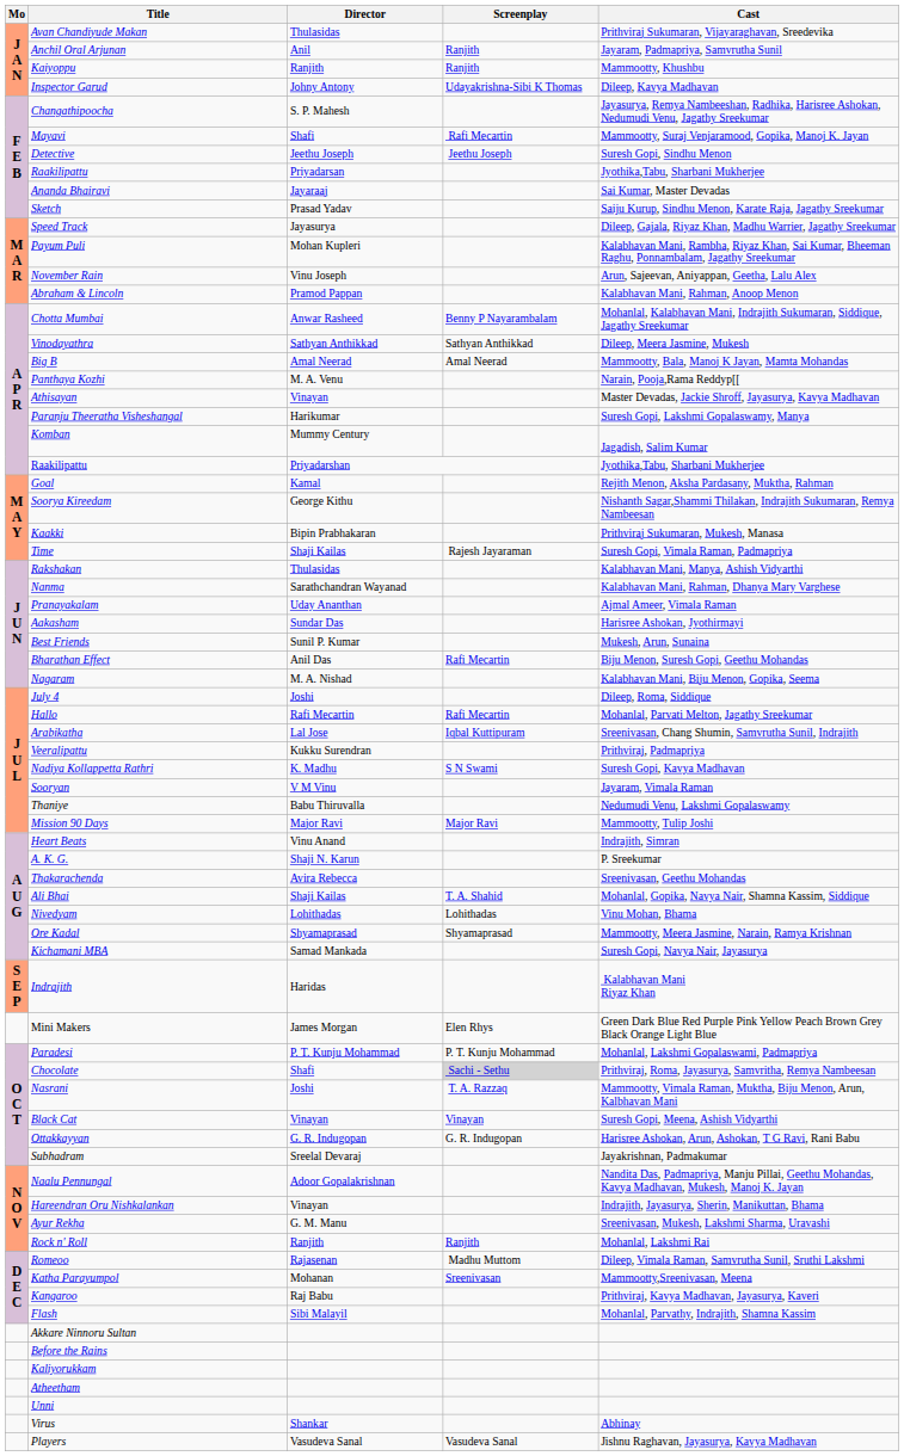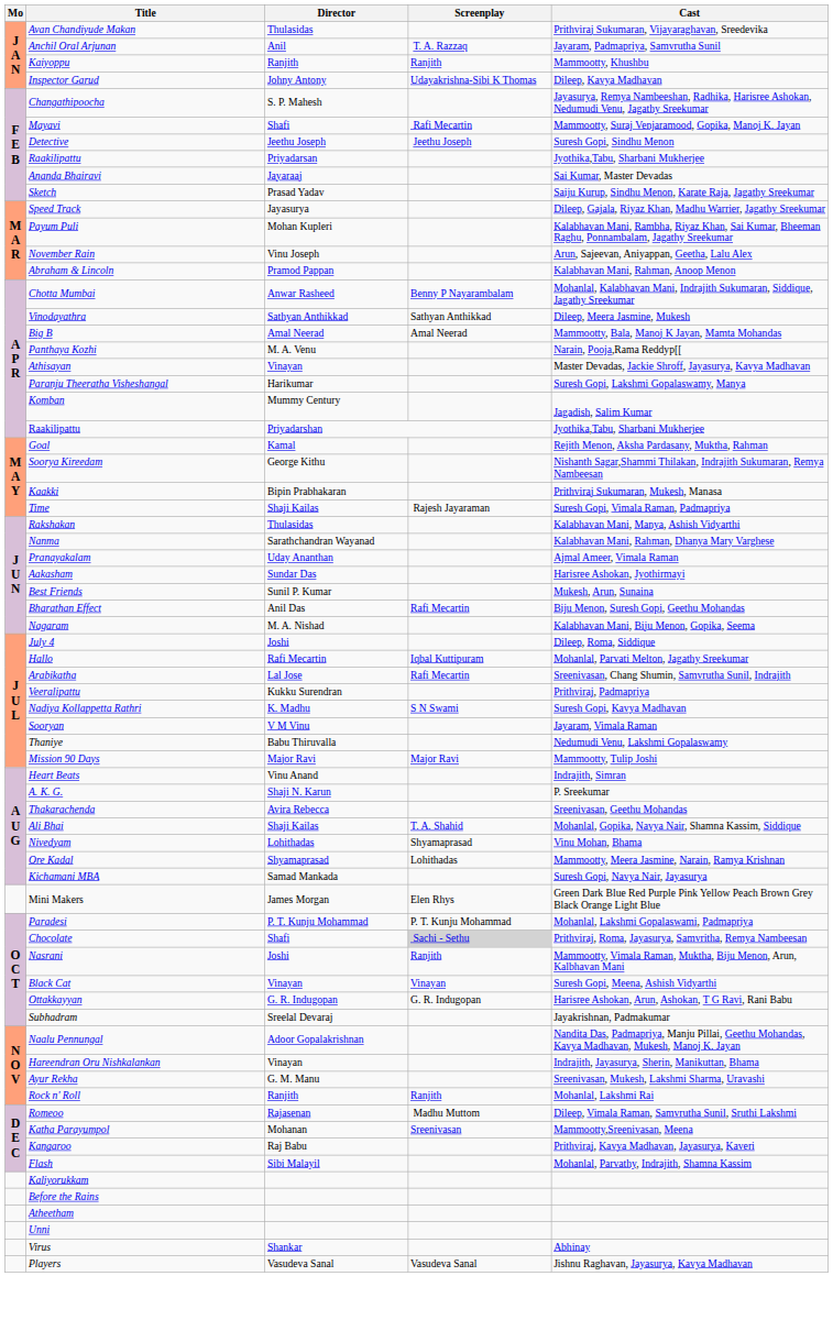 <table class="wikitable" style="align:left;">
 <tr>
 <th width="1%">Mo</th>
 <th width="25%">Title</th>
 <th width="15%">Director</th>
 <th width="15%">Screenplay</th>
 <th width="29%">Cast</th>
 </tr>
 <tr January!>
 <td rowspan="4" valign="center" align="center" style="background:#FFA07A; textcolor:#000;"><big> <strong>J<br>A<br>N</strong></big></td>
 <td><em><a href='#'>Avan Chandiyude Makan</a></em></td>
 <td><a href='#'>Thulasidas</a></td>
 <td> </td>
 <td><a href='#'>Prithviraj Sukumaran</a>, <a href='#'>Vijayaraghavan</a>, Sreedevika</td>
 </tr>
 <tr valign="top">
 <td><em><a href='#'>Anchil Oral Arjunan</a></em></td>
 <td><a href='#'>Anil</a></td>
-<td><a href='#'>Ranjith</a></td>
+<td> <a href='#'>T. A. Razzaq</a></td>
 <td><a href='#'>Jayaram</a>, <a href='#'>Padmapriya</a>, <a href='#'>Samvrutha Sunil</a></td>
 </tr>
 <tr valign="top">
 <td><em><a href='#'>Kaiyoppu</a></em></td>
 <td><a href='#'>Ranjith</a></td>
 <td><a href='#'>Ranjith</a></td>
 <td><a href='#'>Mammootty</a>, <a href='#'>Khushbu</a></td>
 </tr>
 <tr valign="top">
 <td><em><a href='#'>Inspector Garud</a></em></td>
 <td><a href='#'>Johny Antony</a></td>
 <td><a href='#'>Udayakrishna-Sibi K Thomas</a></td>
 <td><a href='#'>Dileep</a>, <a href='#'>Kavya Madhavan</a></td>
 </tr>
 <tr February!>
 <td rowspan="6" valign="center" align="center" style="background:#D8BFD8; textcolor:#000;"><big> <strong>F<br>E<br>B</strong></big></td>
 <td><em><a href='#'>Changathipoocha</a></em></td>
 <td>S. P. Mahesh</td>
 <td> </td>
 <td><a href='#'>Jayasurya</a>, <a href='#'>Remya Nambeeshan</a>, <a href='#'>Radhika</a>, <a href='#'>Harisree Ashokan</a>, <a href='#'>Nedumudi Venu</a>, <a href='#'>Jagathy Sreekumar</a></td>
 </tr>
 <tr valign="top">
 <td><em><a href='#'>Mayavi</a></em></td>
 <td><a href='#'>Shafi</a></td>
 <td><a href='#'> Rafi Mecartin</a></td>
 <td><a href='#'>Mammootty</a>, <a href='#'>Suraj Venjaramood</a>, <a href='#'>Gopika</a>, <a href='#'>Manoj K. Jayan</a></td>
 </tr>
 <tr valign="top">
 <td><em><a href='#'>Detective</a></em></td>
 <td><a href='#'>Jeethu Joseph</a></td>
 <td> <a href='#'>Jeethu Joseph</a></td>
 <td><a href='#'>Suresh Gopi</a>, <a href='#'>Sindhu Menon</a></td>
 </tr>
 <tr valign="top">
 <td><em><a href='#'>Raakilipattu</a></em></td>
 <td><a href='#'>Priyadarsan</a></td>
 <td> </td>
 <td><a href='#'>Jyothika</a>,<a href='#'>Tabu</a>, <a href='#'>Sharbani Mukherjee</a></td>
 </tr>
 <tr valign="top">
 <td><em><a href='#'>Ananda Bhairavi</a></em></td>
 <td><a href='#'>Jayaraaj</a></td>
 <td> </td>
 <td><a href='#'>Sai Kumar</a>, Master Devadas</td>
 </tr>
 <tr valign="top">
 <td><em><a href='#'>Sketch</a></em></td>
 <td>Prasad Yadav</td>
 <td> </td>
 <td><a href='#'>Saiju Kurup</a>, <a href='#'>Sindhu Menon</a>, <a href='#'>Karate Raja</a>, <a href='#'>Jagathy Sreekumar</a></td>
 </tr>
 <tr March!>
 <td rowspan="4" valign="center" align="center" style="background:#FFA07A; textcolor:#000;"><big> <strong>M<br>A<br>R</strong></big></td>
 <td><em><a href='#'>Speed Track</a></em></td>
 <td>Jayasurya</td>
 <td> </td>
 <td><a href='#'>Dileep</a>, <a href='#'>Gajala</a>, <a href='#'>Riyaz Khan</a>, <a href='#'>Madhu Warrier</a>, <a href='#'>Jagathy Sreekumar</a></td>
 </tr>
 <tr valign="top">
 <td><em><a href='#'>Payum Puli</a></em></td>
 <td>Mohan Kupleri</td>
 <td> </td>
 <td><a href='#'>Kalabhavan Mani</a>, <a href='#'>Rambha</a>, <a href='#'>Riyaz Khan</a>, <a href='#'>Sai Kumar</a>, <a href='#'>Bheeman Raghu</a>, <a href='#'>Ponnambalam</a>, <a href='#'>Jagathy Sreekumar</a></td>
 </tr>
 <tr valign="top">
 <td><em><a href='#'>November Rain</a></em></td>
 <td>Vinu Joseph</td>
 <td> </td>
 <td><a href='#'>Arun</a>, Sajeevan, Aniyappan, <a href='#'>Geetha</a>, <a href='#'>Lalu Alex</a></td>
 </tr>
 <tr valign="top">
 <td><em><a href='#'>Abraham & Lincoln</a></em></td>
 <td><a href='#'>Pramod Pappan</a></td>
 <td> </td>
 <td><a href='#'>Kalabhavan Mani</a>, <a href='#'>Rahman</a>, <a href='#'>Anoop Menon</a></td>
 </tr>
 <tr April!>
 <td rowspan="8" valign="center" align="center" style="background:#D8BFD8; textcolor:#000;"><big> <strong>A<br>P<br>R</strong></big></td>
 <td><em><a href='#'>Chotta Mumbai</a></em></td>
 <td><a href='#'>Anwar Rasheed</a></td>
 <td><a href='#'>Benny P Nayarambalam</a></td>
 <td><a href='#'>Mohanlal</a>, <a href='#'>Kalabhavan Mani</a>, <a href='#'>Indrajith Sukumaran</a>, <a href='#'>Siddique</a>, <a href='#'>Jagathy Sreekumar</a></td>
 </tr>
 <tr valign="top">
 <td><em><a href='#'>Vinodayathra</a></em></td>
 <td><a href='#'>Sathyan Anthikkad</a></td>
 <td>Sathyan Anthikkad</td>
 <td><a href='#'>Dileep</a>, <a href='#'>Meera Jasmine</a>, <a href='#'>Mukesh</a></td>
 </tr>
 <tr valign="top">
 <td><em><a href='#'>Big B</a></em></td>
 <td><a href='#'>Amal Neerad</a></td>
 <td>Amal Neerad</td>
 <td><a href='#'>Mammootty</a>, <a href='#'>Bala</a>, <a href='#'>Manoj K Jayan</a>, <a href='#'>Mamta Mohandas</a></td>
 </tr>
 <tr valign="top">
 <td><em><a href='#'>Panthaya Kozhi</a></em></td>
 <td>M. A. Venu</td>
 <td> </td>
 <td><a href='#'>Narain</a>, <a href='#'>Pooja</a>,Rama Reddyp[[</td>
 </tr>
 <tr valign="top">
 <td><em><a href='#'>Athisayan</a></em></td>
 <td><a href='#'>Vinayan</a></td>
 <td> </td>
 <td>Master Devadas, <a href='#'>Jackie Shroff</a>, <a href='#'>Jayasurya</a>, <a href='#'>Kavya Madhavan</a></td>
 </tr>
 <tr valign="top">
 <td><em><a href='#'>Paranju Theeratha Visheshangal</a></em></td>
 <td>Harikumar</td>
 <td> </td>
 <td><a href='#'>Suresh Gopi</a>, <a href='#'>Lakshmi Gopalaswamy</a>, <a href='#'>Manya</a></td>
 </tr>
 <tr valign="top">
 <td><em><a href='#'>Komban</a></em></td>
 <td>Mummy Century</td>
 <td></td>
 <td><br><a href='#'>Jagadish</a>, <a href='#'>Salim Kumar</a></td>
 </tr>
 <tr>
 <td><a href='#'>Raakilipattu</a></td>
 <td colspan="2"><a href='#'>Priyadarshan</a></td>
 <td><a href='#'>Jyothika</a>,<a href='#'>Tabu</a>, <a href='#'>Sharbani Mukherjee</a></td>
 </tr>
 <tr May!>
 <td rowspan="4" valign="center" align="center" style="background:#FFA07A; textcolor:#000;"><big> <strong>M<br>A<br>Y</strong></big></td>
 <td><em><a href='#'>Goal</a></em></td>
 <td><a href='#'>Kamal</a></td>
 <td> </td>
 <td><a href='#'>Rejith Menon</a>, <a href='#'>Aksha Pardasany</a>, <a href='#'>Muktha</a>, <a href='#'>Rahman</a></td>
 </tr>
 <tr valign="top">
 <td><em><a href='#'>Soorya Kireedam</a></em></td>
 <td>George Kithu</td>
 <td> </td>
 <td><a href='#'>Nishanth Sagar</a>,<a href='#'>Shammi Thilakan</a>, <a href='#'>Indrajith Sukumaran</a>, <a href='#'>Remya Nambeesan</a></td>
 </tr>
 <tr valign="top">
 <td><em><a href='#'>Kaakki</a></em></td>
 <td>Bipin Prabhakaran</td>
 <td> </td>
 <td><a href='#'>Prithviraj Sukumaran</a>, <a href='#'>Mukesh</a>, Manasa</td>
 </tr>
 <tr valign="top">
 <td><em><a href='#'>Time</a></em></td>
 <td><a href='#'>Shaji Kailas</a></td>
 <td> Rajesh Jayaraman</td>
 <td><a href='#'>Suresh Gopi</a>, <a href='#'>Vimala Raman</a>, <a href='#'>Padmapriya</a></td>
 </tr>
 <tr June!>
 <td rowspan="7" valign="center" align="center" style="background:#D8BFD8; textcolor:#000;"><big> <strong>J<br>U<br>N</strong></big></td>
 <td><em><a href='#'>Rakshakan</a></em></td>
 <td><a href='#'>Thulasidas</a></td>
 <td> </td>
 <td><a href='#'>Kalabhavan Mani</a>, <a href='#'>Manya</a>, <a href='#'>Ashish Vidyarthi</a></td>
 </tr>
 <tr valign="top">
 <td><em><a href='#'>Nanma</a></em></td>
 <td>Sarathchandran Wayanad</td>
 <td> </td>
 <td><a href='#'>Kalabhavan Mani</a>, <a href='#'>Rahman</a>, <a href='#'>Dhanya Mary Varghese</a></td>
 </tr>
 <tr valign="top">
 <td><em><a href='#'>Pranayakalam</a></em></td>
 <td><a href='#'>Uday Ananthan</a></td>
 <td> </td>
 <td><a href='#'>Ajmal Ameer</a>, <a href='#'>Vimala Raman</a></td>
 </tr>
 <tr valign="top">
 <td><em><a href='#'>Aakasham</a></em></td>
 <td><a href='#'>Sundar Das</a></td>
 <td> </td>
 <td><a href='#'>Harisree Ashokan</a>, <a href='#'>Jyothirmayi</a></td>
 </tr>
 <tr valign="top">
 <td><em><a href='#'>Best Friends</a></em></td>
 <td>Sunil P. Kumar</td>
 <td> </td>
 <td><a href='#'>Mukesh</a>, <a href='#'>Arun</a>, <a href='#'>Sunaina</a></td>
 </tr>
 <tr valign="top">
 <td><em><a href='#'>Bharathan Effect</a></em></td>
 <td>Anil Das</td>
 <td><a href='#'>Rafi Mecartin</a></td>
 <td><a href='#'>Biju Menon</a>, <a href='#'>Suresh Gopi</a>, <a href='#'>Geethu Mohandas</a></td>
 </tr>
 <tr valign="top">
 <td><em><a href='#'>Nagaram</a></em></td>
 <td>M. A. Nishad</td>
 <td> </td>
 <td><a href='#'>Kalabhavan Mani</a>, <a href='#'>Biju Menon</a>, <a href='#'>Gopika</a>, <a href='#'>Seema</a></td>
 </tr>
 <tr July!>
 <td rowspan="8" valign="center" align="center" style="background:#FFA07A; textcolor:#000;"><big> <strong>J<br>U<br>L</strong></big></td>
 <td><em><a href='#'>July 4</a></em></td>
 <td><a href='#'>Joshi</a></td>
 <td> </td>
 <td><a href='#'>Dileep</a>, <a href='#'>Roma</a>, <a href='#'>Siddique</a></td>
 </tr>
 <tr valign="top">
 <td><em><a href='#'>Hallo</a></em></td>
 <td><a href='#'>Rafi Mecartin</a></td>
-<td><a href='#'>Rafi Mecartin</a></td>
+<td><a href='#'>Iqbal Kuttipuram</a></td>
 <td><a href='#'>Mohanlal</a>, <a href='#'>Parvati Melton</a>, <a href='#'>Jagathy Sreekumar</a></td>
 </tr>
 <tr valign="top">
 <td><em><a href='#'>Arabikatha</a></em></td>
 <td><a href='#'>Lal Jose</a></td>
-<td><a href='#'>Iqbal Kuttipuram</a></td>
+<td><a href='#'>Rafi Mecartin</a></td>
 <td><a href='#'>Sreenivasan</a>, Chang Shumin, <a href='#'>Samvrutha Sunil</a>, <a href='#'>Indrajith</a></td>
 </tr>
 <tr valign="top">
 <td><em><a href='#'>Veeralipattu</a></em></td>
 <td>Kukku Surendran</td>
 <td> </td>
 <td><a href='#'>Prithviraj</a>, <a href='#'>Padmapriya</a></td>
 </tr>
 <tr valign="top">
 <td><em><a href='#'>Nadiya Kollappetta Rathri</a></em></td>
 <td><a href='#'>K. Madhu</a></td>
 <td><a href='#'>S N Swami</a></td>
 <td><a href='#'>Suresh Gopi</a>, <a href='#'>Kavya Madhavan</a></td>
 </tr>
 <tr valign="top">
 <td><em><a href='#'>Sooryan</a></em></td>
 <td><a href='#'>V M Vinu</a></td>
 <td> </td>
 <td><a href='#'>Jayaram</a>, <a href='#'>Vimala Raman</a></td>
 </tr>
 <tr valign="top">
 <td><em>Thaniye</em></td>
 <td>Babu Thiruvalla</td>
 <td> </td>
 <td><a href='#'>Nedumudi Venu</a>, <a href='#'>Lakshmi Gopalaswamy</a></td>
 </tr>
 <tr valign="top">
 <td><em><a href='#'>Mission 90 Days</a></em></td>
 <td><a href='#'>Major Ravi</a></td>
 <td><a href='#'>Major Ravi</a></td>
 <td><a href='#'>Mammootty</a>, <a href='#'>Tulip Joshi</a></td>
 </tr>
 <tr August!>
 <td rowspan="7" valign="center" align="center" style="background:#D8BFD8; textcolor:#000;"><big> <strong>A<br>U<br>G</strong></big></td>
 <td><em><a href='#'>Heart Beats</a></em></td>
 <td>Vinu Anand</td>
 <td> </td>
 <td><a href='#'>Indrajith</a>, <a href='#'>Simran</a></td>
 </tr>
 <tr valign="top">
 <td><em><a href='#'>A. K. G.</a></em></td>
 <td><a href='#'>Shaji N. Karun</a></td>
 <td> </td>
 <td>P. Sreekumar</td>
 </tr>
 <tr valign="top">
 <td><em><a href='#'>Thakarachenda</a></em></td>
 <td><a href='#'>Avira Rebecca</a></td>
 <td> </td>
 <td><a href='#'>Sreenivasan</a>, <a href='#'>Geethu Mohandas</a></td>
 </tr>
 <tr valign="top">
 <td><em><a href='#'>Ali Bhai</a></em></td>
 <td><a href='#'>Shaji Kailas</a></td>
 <td><a href='#'>T. A. Shahid</a></td>
 <td><a href='#'>Mohanlal</a>, <a href='#'>Gopika</a>, <a href='#'>Navya Nair</a>, Shamna Kassim, <a href='#'>Siddique</a></td>
 </tr>
 <tr valign="top">
 <td><em><a href='#'>Nivedyam</a></em></td>
 <td><a href='#'>Lohithadas</a></td>
-<td>Lohithadas</td>
+<td>Shyamaprasad</td>
 <td><a href='#'>Vinu Mohan</a>, <a href='#'>Bhama</a></td>
 </tr>
 <tr valign="top">
 <td><em><a href='#'>Ore Kadal</a></em></td>
 <td><a href='#'>Shyamaprasad</a></td>
-<td>Shyamaprasad</td>
+<td>Lohithadas</td>
 <td><a href='#'>Mammootty</a>, <a href='#'>Meera Jasmine</a>, <a href='#'>Narain</a>, <a href='#'>Ramya Krishnan</a></td>
 </tr>
 <tr valign="top">
 <td><em><a href='#'>Kichamani MBA</a></em></td>
 <td>Samad Mankada</td>
 <td> </td>
 <td><a href='#'>Suresh Gopi</a>, <a href='#'>Navya Nair</a>, <a href='#'>Jayasurya</a></td>
-</tr>
-<tr September!>
-<td rowspan="1" valign="center" align="center" style="background:#FFA07A; textcolor:#000;"><big> <strong>S<br>E<br>P</strong></big></td>
-<td><em><a href='#'>Indrajith</a></em></td>
-<td>Haridas</td>
-<td> </td>
-<td><a href='#'> Kalabhavan Mani</a><br><a href='#'>Riyaz Khan</a></td>
 </tr>
 <tr>
 <td></td>
 <td>Mini Makers</td>
 <td>James Morgan</td>
 <td>Elen Rhys</td>
 <td>Green Dark Blue Red Purple Pink Yellow Peach Brown Grey Black Orange Light Blue</td>
 </tr>
 <tr October!>
 <td rowspan="6" valign="center" align="center" style="background:#D8BFD8; textcolor:#000;"><big> <strong>O<br>C<br>T</strong></big></td>
 <td><em><a href='#'>Paradesi</a></em></td>
 <td><a href='#'>P. T. Kunju Mohammad</a></td>
 <td>P. T. Kunju Mohammad</td>
 <td><a href='#'>Mohanlal</a>, <a href='#'>Lakshmi Gopalaswami</a>, <a href='#'>Padmapriya</a></td>
 </tr>
 <tr valign="top">
 <td><em><a href='#'>Chocolate</a></em></td>
 <td><a href='#'>Shafi</a></td>
 <td style="background: lightgrey;"><a href='#'> Sachi - Sethu</a></td>
 <td><a href='#'>Prithviraj</a>, <a href='#'>Roma</a>, <a href='#'>Jayasurya</a>, <a href='#'>Samvritha</a>, <a href='#'>Remya Nambeesan</a></td>
 </tr>
 <tr valign="top">
 <td><em><a href='#'>Nasrani</a></em></td>
 <td><a href='#'>Joshi</a></td>
-<td> <a href='#'>T. A. Razzaq</a></td>
+<td><a href='#'>Ranjith</a></td>
 <td><a href='#'>Mammootty</a>, <a href='#'>Vimala Raman</a>, <a href='#'>Muktha</a>, <a href='#'>Biju Menon</a>, Arun, <a href='#'>Kalbhavan Mani</a></td>
 </tr>
 <tr valign="top">
 <td><em><a href='#'>Black Cat</a></em></td>
 <td><a href='#'>Vinayan</a></td>
 <td><a href='#'>Vinayan</a></td>
 <td><a href='#'>Suresh Gopi</a>, <a href='#'>Meena</a>, <a href='#'>Ashish Vidyarthi</a></td>
 </tr>
 <tr valign="top">
 <td><em><a href='#'>Ottakkayyan</a></em></td>
 <td><a href='#'>G. R. Indugopan</a></td>
 <td>G. R. Indugopan</td>
 <td><a href='#'>Harisree Ashokan</a>, <a href='#'>Arun</a>, <a href='#'>Ashokan</a>, <a href='#'>T G Ravi</a>, Rani Babu</td>
 </tr>
 <tr valign="top">
 <td><em>Subhadram</em></td>
 <td>Sreelal Devaraj</td>
 <td> </td>
 <td>Jayakrishnan, Padmakumar</td>
 </tr>
 <tr November!>
 <td rowspan="4" valign="center" align="center" style="background:#FFA07A; textcolor:#000;"><big> <strong>N<br>O<br>V</strong></big></td>
 <td><em><a href='#'>Naalu Pennungal</a></em></td>
 <td><a href='#'>Adoor Gopalakrishnan</a></td>
 <td> </td>
 <td><a href='#'>Nandita Das</a>, <a href='#'>Padmapriya</a>, Manju Pillai, <a href='#'>Geethu Mohandas</a>, <a href='#'>Kavya Madhavan</a>, <a href='#'>Mukesh</a>, <a href='#'>Manoj K. Jayan</a></td>
 </tr>
 <tr valign="top">
 <td><em><a href='#'>Hareendran Oru Nishkalankan</a></em></td>
 <td>Vinayan</td>
 <td> </td>
 <td><a href='#'>Indrajith</a>, <a href='#'>Jayasurya</a>, <a href='#'>Sherin</a>, <a href='#'>Manikuttan</a>, <a href='#'>Bhama</a></td>
 </tr>
 <tr valign="top">
 <td><em><a href='#'>Ayur Rekha</a></em></td>
 <td>G. M. Manu</td>
 <td> </td>
 <td><a href='#'>Sreenivasan</a>, <a href='#'>Mukesh</a>, <a href='#'>Lakshmi Sharma</a>, <a href='#'>Uravashi</a></td>
 </tr>
 <tr valign="top">
 <td><em><a href='#'>Rock n' Roll</a></em></td>
 <td><a href='#'>Ranjith</a></td>
 <td><a href='#'>Ranjith</a></td>
 <td><a href='#'>Mohanlal</a>, <a href='#'>Lakshmi Rai</a></td>
 </tr>
 <tr December!>
 <td rowspan="4" valign="center" align="center" style="background:#D8BFD8; textcolor:#000;"><big> <strong>D<br>E<br>C</strong></big></td>
 <td><em><a href='#'>Romeoo</a></em></td>
 <td><a href='#'>Rajasenan</a></td>
 <td> Madhu Muttom</td>
 <td><a href='#'>Dileep</a>, <a href='#'>Vimala Raman</a>, <a href='#'>Samvrutha Sunil</a>, <a href='#'>Sruthi Lakshmi</a></td>
 </tr>
 <tr valign="top">
 <td><em><a href='#'>Katha Parayumpol</a></em></td>
 <td>Mohanan</td>
 <td><a href='#'>Sreenivasan</a></td>
 <td><a href='#'>Mammootty</a>,<a href='#'>Sreenivasan</a>, <a href='#'>Meena</a></td>
 </tr>
 <tr valign="top">
 <td><em><a href='#'>Kangaroo</a></em></td>
 <td>Raj Babu</td>
 <td> </td>
 <td><a href='#'>Prithviraj</a>, <a href='#'>Kavya Madhavan</a>, <a href='#'>Jayasurya</a>, <a href='#'>Kaveri</a></td>
 </tr>
 <tr valign="top">
 <td><em><a href='#'>Flash</a></em></td>
 <td><a href='#'>Sibi Malayil</a></td>
 <td> </td>
 <td><a href='#'>Mohanlal</a>, <a href='#'>Parvathy</a>, <a href='#'>Indrajith</a>, <a href='#'>Shamna Kassim</a></td>
 </tr>
 <tr>
 <td></td>
-<td><em>Akkare Ninnoru Sultan</em></td>
+<td><em><a href='#'>Kaliyorukkam</a></em></td>
 <td></td>
 <td></td>
 <td></td>
 </tr>
 <tr>
 <td></td>
 <td><em><a href='#'>Before the Rains</a></em></td>
-<td></td>
-<td></td>
-<td></td>
-</tr>
-<tr>
-<td></td>
-<td><em><a href='#'>Kaliyorukkam</a></em></td>
 <td></td>
 <td></td>
 <td></td>
 </tr>
 <tr>
 <td></td>
 <td><em><a href='#'>Atheetham</a></em></td>
 <td></td>
 <td></td>
 <td></td>
 </tr>
 <tr>
 <td></td>
 <td><em><a href='#'>Unni</a></em></td>
 <td></td>
 <td></td>
 <td></td>
 </tr>
 <tr>
 <td></td>
 <td><em>Virus</em></td>
 <td><a href='#'>Shankar</a></td>
 <td></td>
 <td><a href='#'>Abhinay</a></td>
 </tr>
 <tr>
 <td></td>
 <td><em>Players</em></td>
 <td>Vasudeva Sanal</td>
 <td>Vasudeva Sanal</td>
 <td>Jishnu Raghavan, <a href='#'>Jayasurya</a>, <a href='#'>Kavya Madhavan</a></td>
 </tr>
 </table>
